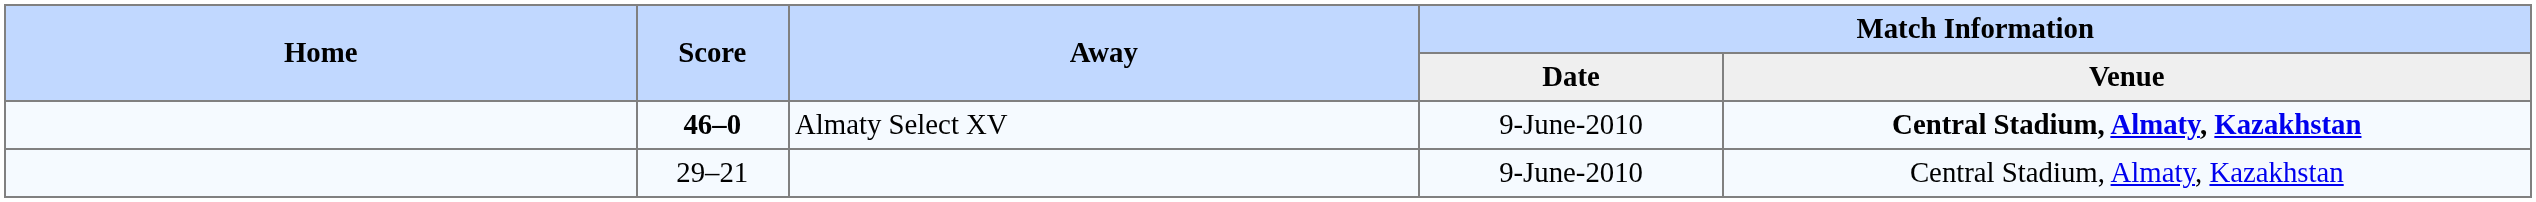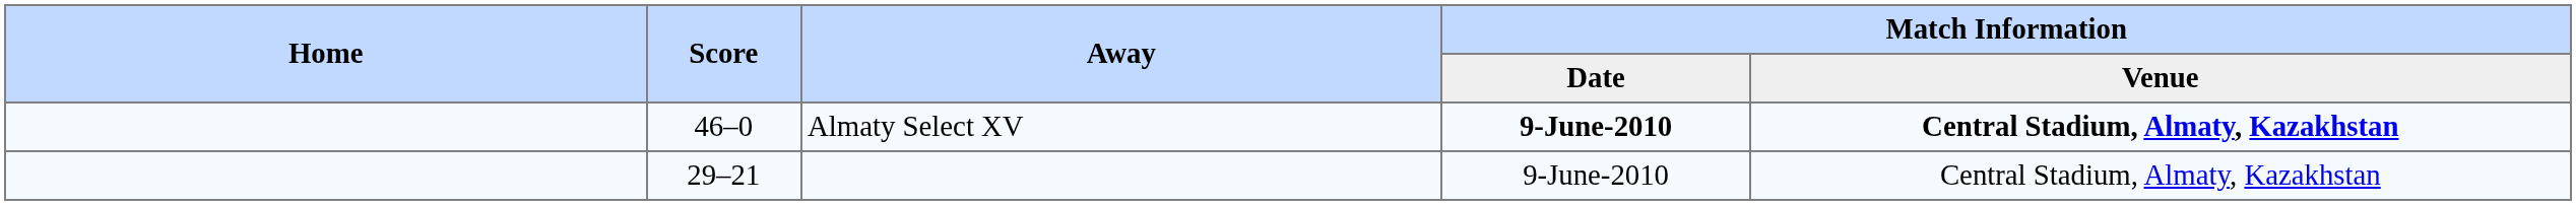 <table border=1 style="border-collapse:collapse; font-size:90%; text-align:center;" cellpadding=3 cellspacing=0 width=100%>
 <tr bgcolor=#C1D8FF>
 <th rowspan=2 width=25%>Home</th>
 <th rowspan=2 width=6%>Score</th>
 <th rowspan=2 width=25%>Away</th>
 <th colspan=6>Match Information</th>
 </tr>
 <tr bgcolor=#EFEFEF>
 <th width=12%>Date</th>
 <th width=32%>Venue</th>
 </tr>
 <tr bgcolor=#F5FAFF>
 <td align=right><strong></strong></td>
-<td><strong>46–0</strong></td>
+<td>46–0</td>
 <td align=left> Almaty Select XV</td>
-<td>9-June-2010</td>
+<td><strong>9-June-2010</strong></td>
 <td><strong>Central Stadium, <a href='#'>Almaty</a>, <a href='#'>Kazakhstan</a></strong></td>
 </tr>
 <tr bgcolor=#F5FAFF>
 <td align=right><strong></strong></td>
 <td>29–21</td>
 <td align=left></td>
 <td>9-June-2010</td>
 <td>Central Stadium, <a href='#'>Almaty</a>, <a href='#'>Kazakhstan</a></td>
 </tr>
 </table>
